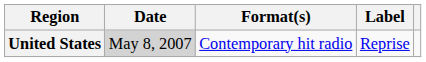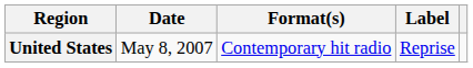 <table class="wikitable plainrowheaders">
 <tr>
 <th scope="col">Region</th>
 <th scope="col">Date</th>
 <th scope="col">Format(s)</th>
 <th scope="col">Label</th>
 <th scope="col"></th>
 </tr>
 <tr>
 <th scope="row">United States</th>
-<td style="background: lightgrey;">May 8, 2007</td>
+<td>May 8, 2007</td>
 <td><a href='#'>Contemporary hit radio</a></td>
 <td><a href='#'>Reprise</a></td>
 <td></td>
 </tr>
 <tr>
 </tr>
 </table>
